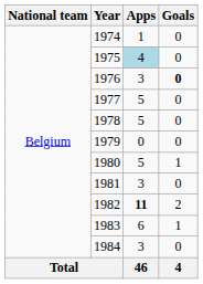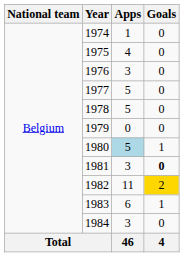 <table class="wikitable" style="text-align:center">
 <tr>
 <th>National team</th>
 <th>Year</th>
 <th>Apps</th>
 <th>Goals</th>
 </tr>
 <tr>
 <td rowspan="11"><a href='#'>Belgium</a></td>
 <td>1974</td>
 <td>1</td>
 <td>0</td>
 </tr>
 <tr>
 <td>1975</td>
-<td style="background: lightblue;">4</td>
+<td>4</td>
 <td>0</td>
 </tr>
 <tr>
 <td>1976</td>
 <td>3</td>
-<td><strong>0</strong></td>
+<td>0</td>
 </tr>
 <tr>
 <td>1977</td>
 <td>5</td>
 <td>0</td>
 </tr>
 <tr>
 <td>1978</td>
 <td>5</td>
 <td>0</td>
 </tr>
 <tr>
 <td>1979</td>
 <td>0</td>
 <td>0</td>
 </tr>
 <tr>
 <td>1980</td>
-<td>5</td>
+<td style="background: lightblue;">5</td>
 <td>1</td>
 </tr>
 <tr>
 <td>1981</td>
 <td>3</td>
-<td>0</td>
+<td><strong>0</strong></td>
 </tr>
 <tr>
 <td>1982</td>
-<td><strong>11</strong></td>
-<td>2</td>
+<td>11</td>
+<td style="background: gold;">2</td>
 </tr>
 <tr>
 <td>1983</td>
 <td>6</td>
 <td>1</td>
 </tr>
 <tr>
 <td>1984</td>
 <td>3</td>
 <td>0</td>
 </tr>
 <tr>
 <th colspan="2">Total</th>
 <th>46</th>
 <th>4</th>
 </tr>
 </table>
